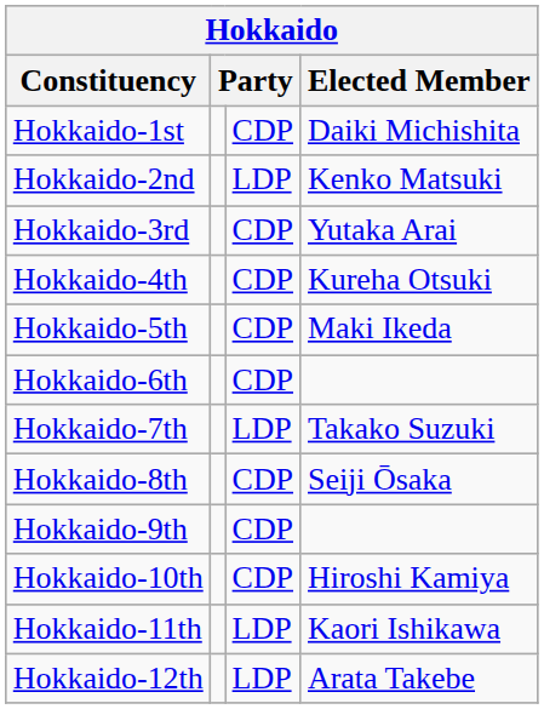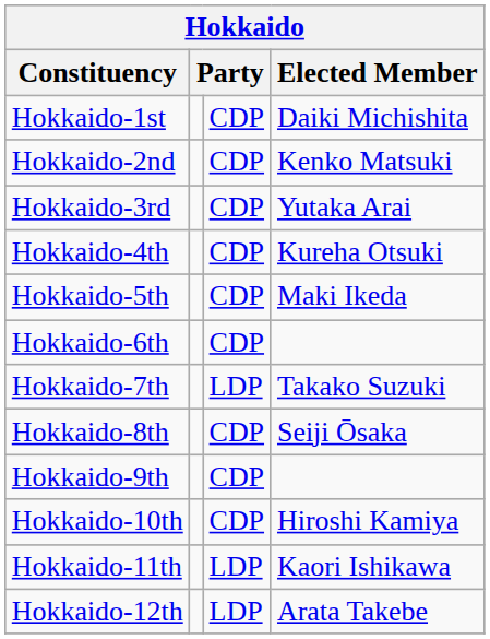 <table class="wikitable">
 <tr>
 <th colspan=4><a href='#'>Hokkaido</a></th>
 </tr>
 <tr>
 <th>Constituency</th>
 <th colspan=2>Party</th>
 <th>Elected Member</th>
 </tr>
 <tr>
 <td><a href='#'>Hokkaido-1st</a></td>
 <td style="background:"></td>
 <td><a href='#'>CDP</a></td>
 <td><a href='#'>Daiki Michishita</a></td>
 </tr>
 <tr>
 <td><a href='#'>Hokkaido-2nd</a></td>
 <td style="background:"></td>
-<td><a href='#'>LDP</a></td>
+<td><a href='#'>CDP</a></td>
 <td><a href='#'>Kenko Matsuki</a></td>
 </tr>
 <tr>
 <td><a href='#'>Hokkaido-3rd</a></td>
 <td style="background:"></td>
 <td><a href='#'>CDP</a></td>
 <td><a href='#'>Yutaka Arai</a></td>
 </tr>
 <tr>
 <td><a href='#'>Hokkaido-4th</a></td>
 <td style="background:"></td>
 <td><a href='#'>CDP</a></td>
 <td><a href='#'>Kureha Otsuki</a></td>
 </tr>
 <tr>
 <td><a href='#'>Hokkaido-5th</a></td>
 <td style="background:"></td>
 <td><a href='#'>CDP</a></td>
 <td><a href='#'>Maki Ikeda</a></td>
 </tr>
 <tr>
 <td><a href='#'>Hokkaido-6th</a></td>
 <td style="background:"></td>
 <td><a href='#'>CDP</a></td>
 <td></td>
 </tr>
 <tr>
 <td><a href='#'>Hokkaido-7th</a></td>
 <td style="background:"></td>
 <td><a href='#'>LDP</a></td>
 <td><a href='#'>Takako Suzuki</a></td>
 </tr>
 <tr>
 <td><a href='#'>Hokkaido-8th</a></td>
 <td style="background:"></td>
 <td><a href='#'>CDP</a></td>
 <td><a href='#'>Seiji Ōsaka</a></td>
 </tr>
 <tr>
 <td><a href='#'>Hokkaido-9th</a></td>
 <td style="background:"></td>
 <td><a href='#'>CDP</a></td>
 <td></td>
 </tr>
 <tr>
 <td><a href='#'>Hokkaido-10th</a></td>
 <td style="background:"></td>
 <td><a href='#'>CDP</a></td>
 <td><a href='#'>Hiroshi Kamiya</a></td>
 </tr>
 <tr>
 <td><a href='#'>Hokkaido-11th</a></td>
 <td style="background:"></td>
 <td><a href='#'>LDP</a></td>
 <td><a href='#'>Kaori Ishikawa</a></td>
 </tr>
 <tr>
 <td><a href='#'>Hokkaido-12th</a></td>
 <td style="background:"></td>
 <td><a href='#'>LDP</a></td>
 <td><a href='#'>Arata Takebe</a></td>
 </tr>
 </table>
